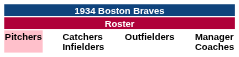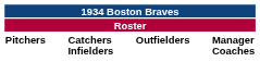 <table class="toccolours" style="font-size: 95%;">
 <tr>
 <th colspan="10" style="background-color: #0f437c; color: white; text-align: center;">1934 Boston Braves</th>
 </tr>
 <tr>
 <td colspan="10" style="background-color: #af0039; color: white; text-align: center;"><strong>Roster</strong></td>
 </tr>
 <tr>
-<td valign="top" style="background: pink;"><strong>Pitchers</strong><br>           </td>
+<td valign="top"><strong>Pitchers</strong><br>           </td>
 <td width="25px"></td>
 <td valign="top"><strong>Catchers</strong><br>  <strong>Infielders</strong>        </td>
 <td width="25px"></td>
 <td valign="top"><strong>Outfielders</strong><br>      </td>
 <td width="25px"></td>
 <td valign="top"><strong>Manager</strong><br> <strong>Coaches</strong>   </td>
 </tr>
 </table>
